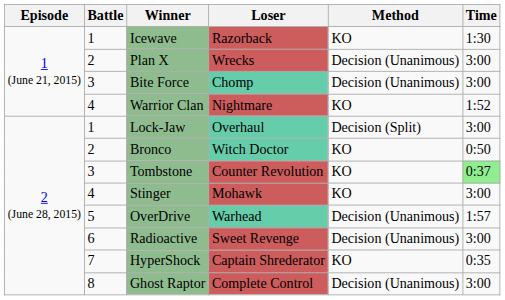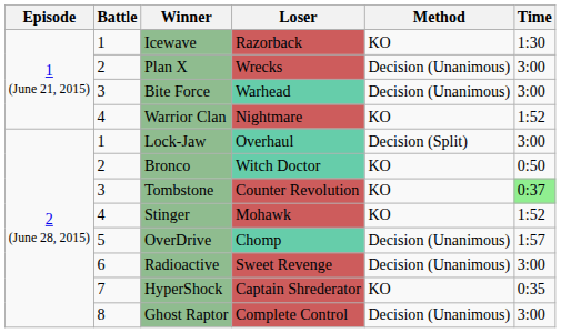 <table class="wikitable">
 <tr>
 <th>Episode</th>
 <th>Battle</th>
 <th>Winner</th>
 <th>Loser</th>
 <th>Method</th>
 <th>Time</th>
 </tr>
 <tr>
 <td style="text-align:center;" rowspan="4"><a href='#'>1</a><br><small>(June 21, 2015)</small></td>
 <td>1</td>
 <td style="background:DarkSeaGreen;">Icewave</td>
 <td style="background:IndianRed;">Razorback</td>
 <td>KO</td>
 <td>1:30</td>
 </tr>
 <tr>
 <td>2</td>
 <td style="background:DarkSeaGreen;">Plan X</td>
 <td style="background:IndianRed;">Wrecks</td>
 <td>Decision (Unanimous)</td>
 <td>3:00</td>
 </tr>
 <tr>
 <td>3</td>
 <td style="background:DarkSeaGreen;">Bite Force</td>
-<td style="background:MediumAquamarine;">Chomp</td>
+<td style="background:MediumAquamarine;">Warhead</td>
 <td>Decision (Unanimous)</td>
 <td>3:00</td>
 </tr>
 <tr>
 <td>4</td>
 <td style="background:DarkSeaGreen;">Warrior Clan</td>
 <td style="background:IndianRed;">Nightmare</td>
 <td>KO</td>
 <td>1:52</td>
 </tr>
 <tr>
 <td style="text-align:center;" rowspan="8"><a href='#'>2</a><br><small>(June 28, 2015)</small></td>
 <td>1</td>
 <td style="background:DarkSeaGreen;">Lock-Jaw</td>
 <td style="background:MediumAquamarine;">Overhaul</td>
 <td>Decision (Split)</td>
 <td>3:00</td>
 </tr>
 <tr>
 <td>2</td>
 <td style="background:DarkSeaGreen;">Bronco</td>
 <td style="background:MediumAquamarine;">Witch Doctor</td>
 <td>KO</td>
 <td>0:50</td>
 </tr>
 <tr>
 <td>3</td>
 <td style="background:DarkSeaGreen;">Tombstone</td>
 <td style="background:IndianRed;">Counter Revolution</td>
 <td>KO</td>
 <td style="background: lightgreen;">0:37</td>
 </tr>
 <tr>
 <td>4</td>
 <td style="background:DarkSeaGreen;">Stinger</td>
 <td style="background:IndianRed;">Mohawk</td>
 <td>KO</td>
-<td>3:00</td>
+<td>1:52</td>
 </tr>
 <tr>
 <td>5</td>
 <td style="background:DarkSeaGreen;">OverDrive</td>
-<td style="background:MediumAquamarine;">Warhead</td>
+<td style="background:MediumAquamarine;">Chomp</td>
 <td>Decision (Unanimous)</td>
 <td>1:57</td>
 </tr>
 <tr>
 <td>6</td>
 <td style="background:DarkSeaGreen;">Radioactive</td>
 <td style="background:IndianRed;">Sweet Revenge</td>
 <td>Decision (Unanimous)</td>
 <td>3:00</td>
 </tr>
 <tr>
 <td>7</td>
 <td style="background:DarkSeaGreen;">HyperShock</td>
 <td style="background:IndianRed;">Captain Shrederator</td>
 <td>KO</td>
 <td>0:35</td>
 </tr>
 <tr>
 <td>8</td>
 <td style="background:DarkSeaGreen;">Ghost Raptor</td>
 <td style="background:IndianRed;">Complete Control</td>
 <td>Decision (Unanimous)</td>
 <td>3:00</td>
 </tr>
 </table>
